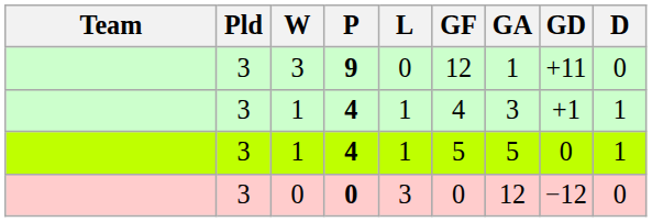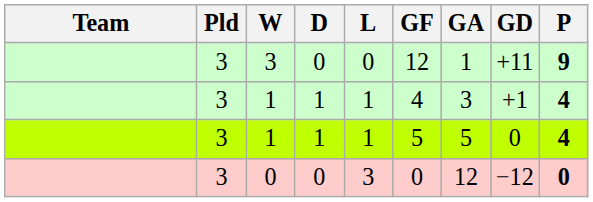 <table class="wikitable">
 <tr>
 <th width=120>Team</th>
 <th width=25>Pld</th>
 <th width=25>W</th>
-<th width=25>P</th>
+<th width=25>D</th>
 <th width=25>L</th>
 <th width=25>GF</th>
 <th width=25>GA</th>
 <th width=25>GD</th>
-<th width=25>D</th>
+<th width=25>P</th>
 </tr>
 <tr align=center bgcolor=#ccffcc>
 <td align=left></td>
 <td>3</td>
 <td>3</td>
-<td><strong>9</strong></td>
+<td>0</td>
 <td>0</td>
 <td>12</td>
 <td>1</td>
 <td>+11</td>
-<td>0</td>
+<td><strong>9</strong></td>
 </tr>
 <tr align=center bgcolor=#ccffcc>
 <td align=left></td>
 <td>3</td>
 <td>1</td>
-<td><strong>4</strong></td>
+<td>1</td>
 <td>1</td>
 <td>4</td>
 <td>3</td>
 <td>+1</td>
-<td>1</td>
+<td><strong>4</strong></td>
 </tr>
 <tr align=center bgcolor=#bfff00>
 <td align=left></td>
 <td>3</td>
 <td>1</td>
-<td><strong>4</strong></td>
+<td>1</td>
 <td>1</td>
 <td>5</td>
 <td>5</td>
 <td>0</td>
-<td>1</td>
+<td><strong>4</strong></td>
 </tr>
 <tr align=center bgcolor=#ffcccc>
 <td align=left></td>
 <td>3</td>
 <td>0</td>
-<td><strong>0</strong></td>
+<td>0</td>
 <td>3</td>
 <td>0</td>
 <td>12</td>
 <td>−12</td>
-<td>0</td>
+<td><strong>0</strong></td>
 </tr>
 </table>
